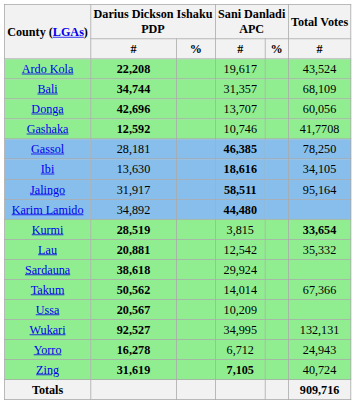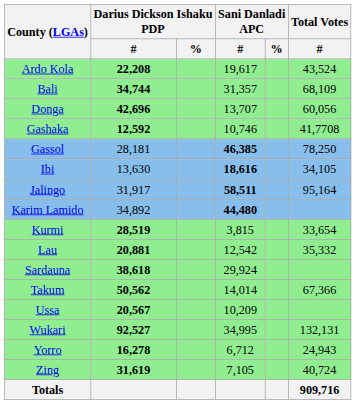 <table class="wikitable sortable" style=" font-size: 95%">
 <tr>
 <th rowspan="2">County (<a href='#'>LGAs</a>)</th>
 <th colspan="2">Darius Dickson Ishaku<br>PDP</th>
 <th colspan="2">Sani Danladi<br>APC</th>
 <th>Total Votes</th>
 </tr>
 <tr>
 <th>#</th>
 <th>%</th>
 <th>#</th>
 <th>%</th>
 <th>#</th>
 </tr>
 <tr>
 <td bgcolor=#90EE90 align="center"><a href='#'>Ardo Kola</a></td>
 <td bgcolor=#90EE90 align="center"><strong>22,208</strong></td>
 <td bgcolor=#90EE90 align="center"></td>
 <td bgcolor=#90EE90 align="center">19,617</td>
 <td bgcolor=#90EE90 align="center"></td>
 <td bgcolor=#90EE90 align="center">43,524</td>
 </tr>
 <tr>
 <td bgcolor=#90EE90 align="center"><a href='#'>Bali</a></td>
 <td bgcolor=#90EE90 align="center"><strong>34,744</strong></td>
 <td bgcolor=#90EE90 align="center"></td>
 <td bgcolor=#90EE90 align="center">31,357</td>
 <td bgcolor=#90EE90 align="center"></td>
 <td bgcolor=#90EE90 align="center">68,109</td>
 </tr>
 <tr>
 <td bgcolor=#90EE90 align="center"><a href='#'>Donga</a></td>
 <td bgcolor=#90EE90 align="center"><strong>42,696</strong></td>
 <td bgcolor=#90EE90 align="center"></td>
 <td bgcolor=#90EE90 align="center">13,707</td>
 <td bgcolor=#90EE90 align="center"></td>
 <td bgcolor=#90EE90 align="center">60,056</td>
 </tr>
 <tr>
 <td bgcolor=#90EE90 align="center"><a href='#'>Gashaka</a></td>
 <td bgcolor=#90EE90 align="center"><strong>12,592</strong></td>
 <td bgcolor=#90EE90 align="center"></td>
 <td bgcolor=#90EE90 align="center">10,746</td>
 <td bgcolor=#90EE90 align="center"></td>
 <td bgcolor=#90EE90 align="center">41,7708</td>
 </tr>
 <tr>
 <td bgcolor=#87BEEB align="center"><a href='#'>Gassol</a></td>
 <td bgcolor=#87BEEB align="center">28,181</td>
 <td bgcolor=#87BEEB align="center"></td>
 <td bgcolor=#87BEEB align="center"><strong>46,385</strong></td>
 <td bgcolor=#87BEEB align="center"></td>
 <td bgcolor=#87BEEB align="center">78,250</td>
 </tr>
 <tr>
 <td bgcolor=#87BEEB align="center"><a href='#'>Ibi</a></td>
 <td bgcolor=#87BEEB align="center">13,630</td>
 <td bgcolor=#87BEEB align="center"></td>
 <td bgcolor=#87BEEB align="center"><strong>18,616</strong></td>
 <td bgcolor=#87BEEB align="center"></td>
 <td bgcolor=#87BEEB align="center">34,105</td>
 </tr>
 <tr>
 <td bgcolor=#87BEEB align="center"><a href='#'>Jalingo</a></td>
 <td bgcolor=#87BEEB align="center">31,917</td>
 <td bgcolor=#87BEEB align="center"></td>
 <td bgcolor=#87BEEB align="center"><strong>58,511</strong></td>
 <td bgcolor=#87BEEB align="center"></td>
 <td bgcolor=#87BEEB align="center">95,164</td>
 </tr>
 <tr>
 <td bgcolor=#87BEEB align="center"><a href='#'>Karim Lamido</a></td>
 <td bgcolor=#87BEEB align="center">34,892</td>
 <td bgcolor=#87BEEB align="center"></td>
 <td bgcolor=#87BEEB align="center"><strong>44,480</strong></td>
 <td bgcolor=#87BEEB align="center"></td>
 <td bgcolor=#87BEEB align="center"></td>
 </tr>
 <tr>
 <td bgcolor=#90EE90 align="center"><a href='#'>Kurmi</a></td>
 <td bgcolor=#90EE90 align="center"><strong>28,519</strong></td>
 <td bgcolor=#90EE90 align="center"></td>
 <td bgcolor=#90EE90 align="center">3,815</td>
 <td bgcolor=#90EE90 align="center"></td>
-<td bgcolor=#90EE90 align="center"><strong>33,654</strong></td>
+<td bgcolor=#90EE90 align="center">33,654</td>
 </tr>
 <tr>
 <td bgcolor=#90EE90 align="center"><a href='#'>Lau</a></td>
 <td bgcolor=#90EE90 align="center"><strong>20,881</strong></td>
 <td bgcolor=#90EE90 align="center"></td>
 <td bgcolor=#90EE90 align="center">12,542</td>
 <td bgcolor=#90EE90 align="center"></td>
 <td bgcolor=#90EE90 align="center">35,332</td>
 </tr>
 <tr>
 <td bgcolor=#90EE90 align="center"><a href='#'>Sardauna</a></td>
 <td bgcolor=#90EE90 align="center"><strong>38,618</strong></td>
 <td bgcolor=#90EE90 align="center"></td>
 <td bgcolor=#90EE90 align="center">29,924</td>
 <td bgcolor=#90EE90 align="center"></td>
 <td bgcolor=#90EE90 align="center"></td>
 </tr>
 <tr>
 <td bgcolor=#90EE90 align="center"><a href='#'>Takum</a></td>
 <td bgcolor=#90EE90 align="center"><strong>50,562</strong></td>
 <td bgcolor=#90EE90 align="center"></td>
 <td bgcolor=#90EE90 align="center">14,014</td>
 <td bgcolor=#90EE90 align="center"></td>
 <td bgcolor=#90EE90 align="center">67,366</td>
 </tr>
 <tr>
 <td bgcolor=#90EE90 align="center"><a href='#'>Ussa</a></td>
 <td bgcolor=#90EE90 align="center"><strong>20,567</strong></td>
 <td bgcolor=#90EE90 align="center"></td>
 <td bgcolor=#90EE90 align="center">10,209</td>
 <td bgcolor=#90EE90 align="center"></td>
 <td bgcolor=#90EE90 align="center"></td>
 </tr>
 <tr>
 <td bgcolor=#90EE90 align="center"><a href='#'>Wukari</a></td>
 <td bgcolor=#90EE90 align="center"><strong>92,527</strong></td>
 <td bgcolor=#90EE90 align="center"></td>
 <td bgcolor=#90EE90 align="center">34,995</td>
 <td bgcolor=#90EE90 align="center"></td>
 <td bgcolor=#90EE90 align="center">132,131</td>
 </tr>
 <tr>
 <td bgcolor=#90EE90 align="center"><a href='#'>Yorro</a></td>
 <td bgcolor=#90EE90 align="center"><strong>16,278</strong></td>
 <td bgcolor=#90EE90 align="center"></td>
 <td bgcolor=#90EE90 align="center">6,712</td>
 <td bgcolor=#90EE90 align="center"></td>
 <td bgcolor=#90EE90 align="center">24,943</td>
 </tr>
 <tr>
 <td bgcolor=#90EE90 align="center"><a href='#'>Zing</a></td>
 <td bgcolor=#90EE90 align="center"><strong>31,619</strong></td>
 <td bgcolor=#90EE90 align="center"></td>
-<td bgcolor=#90EE90 align="center"><strong>7,105</strong></td>
+<td bgcolor=#90EE90 align="center">7,105</td>
 <td bgcolor=#90EE90 align="center"></td>
 <td bgcolor=#90EE90 align="center">40,724</td>
 </tr>
 <tr>
 <th>Totals</th>
 <th></th>
 <th></th>
 <th></th>
 <th></th>
 <th>909,716</th>
 </tr>
 </table>
